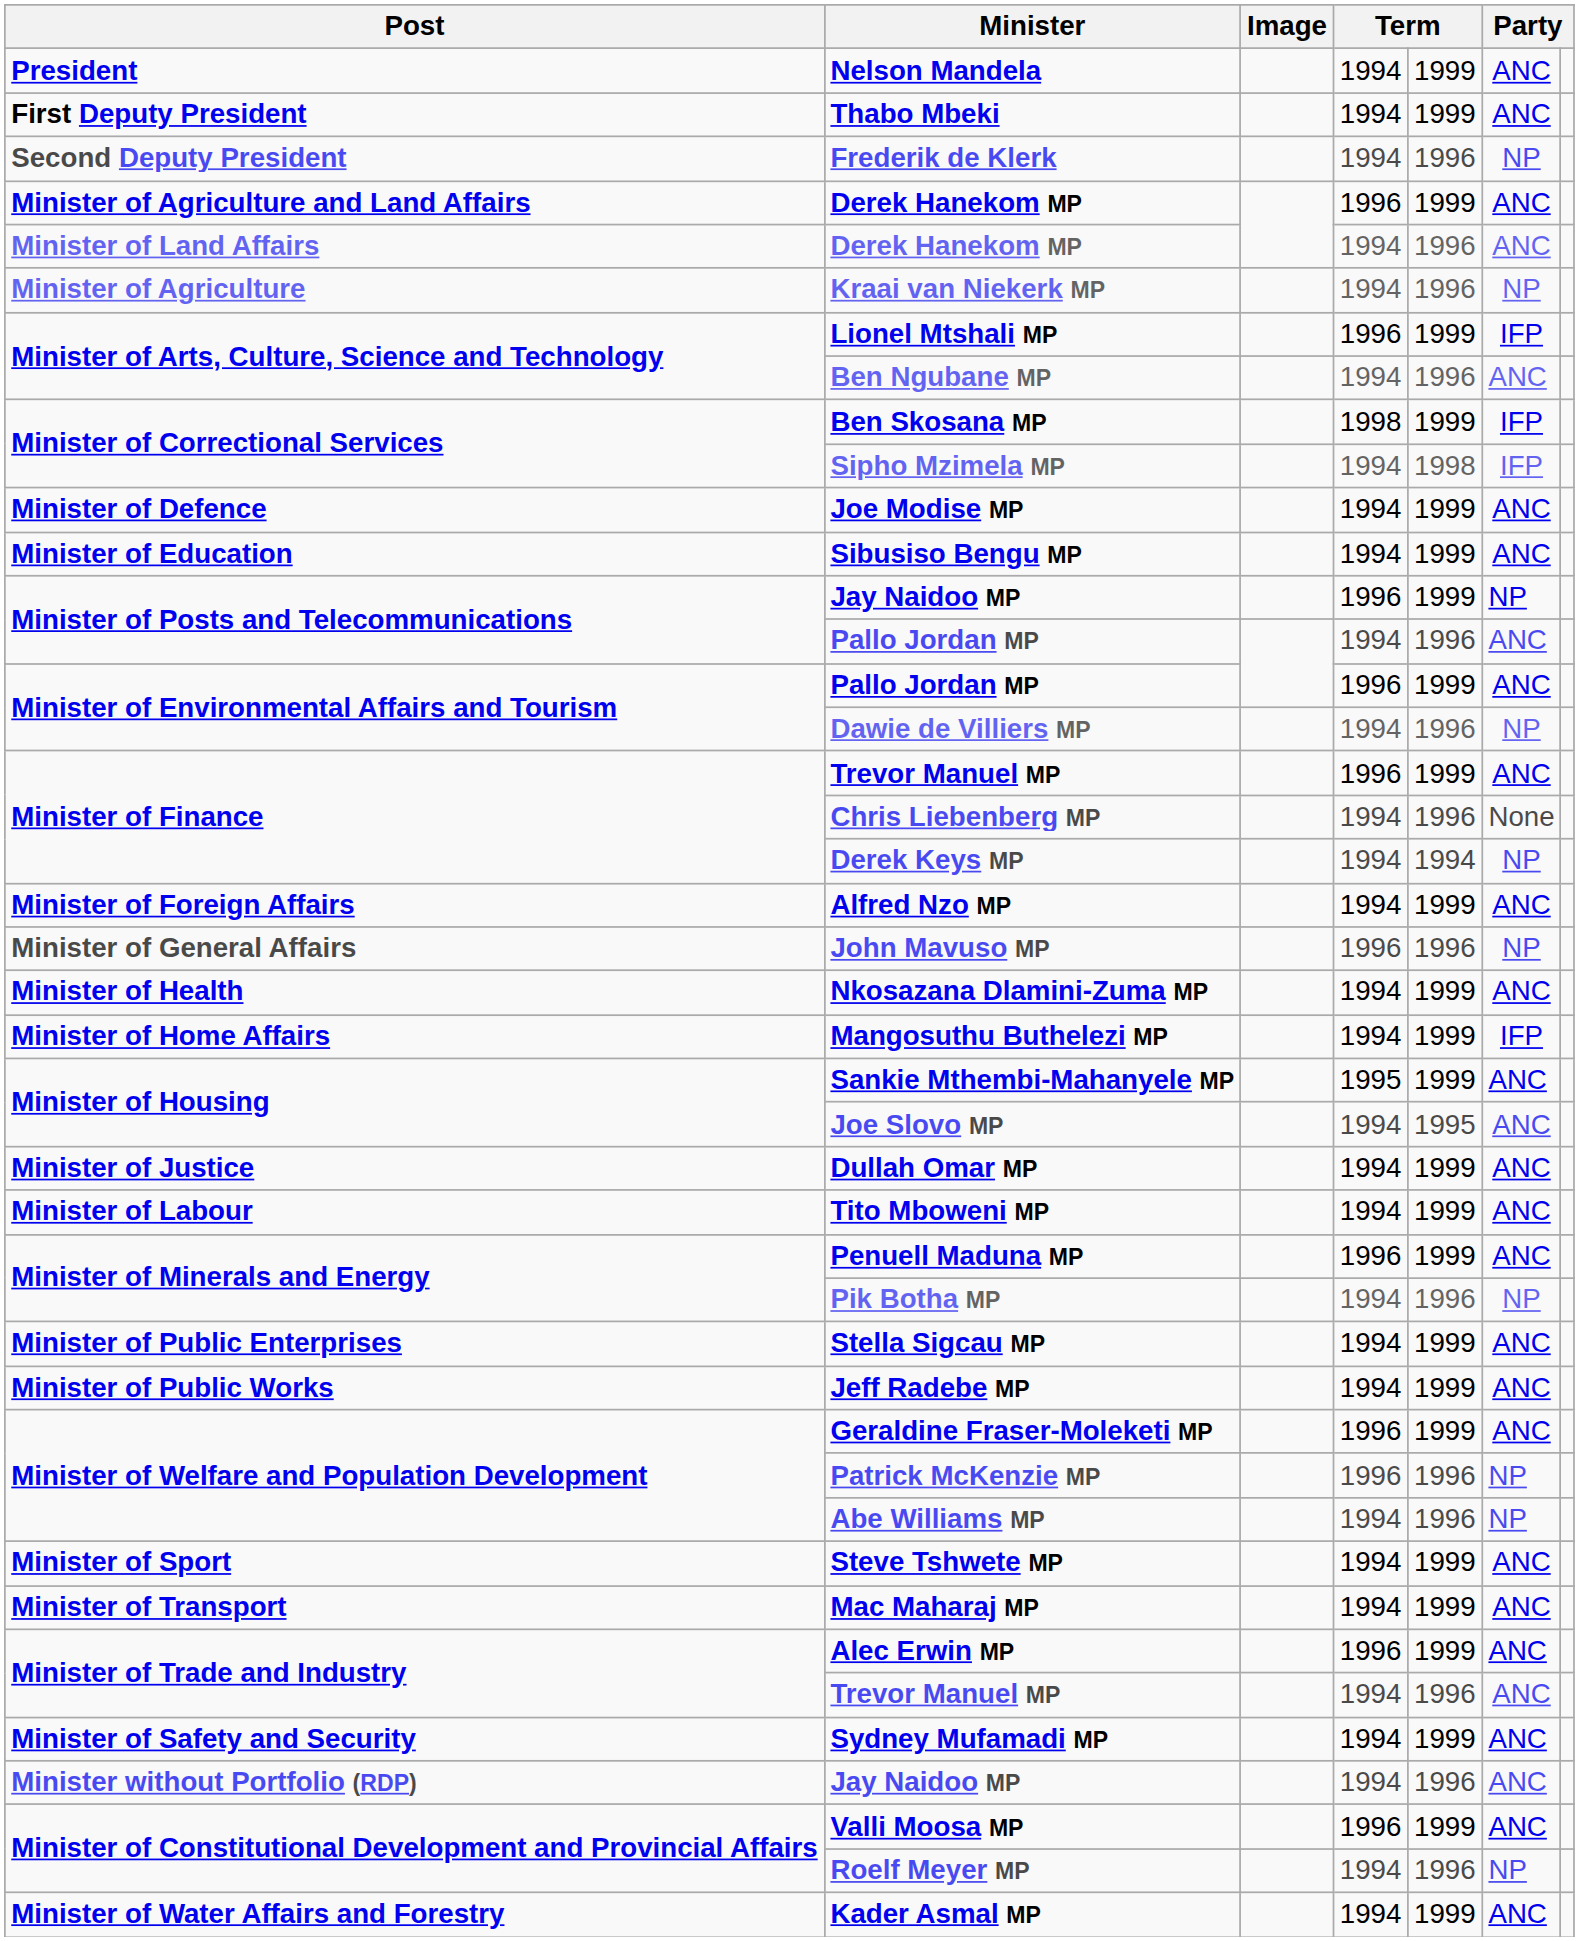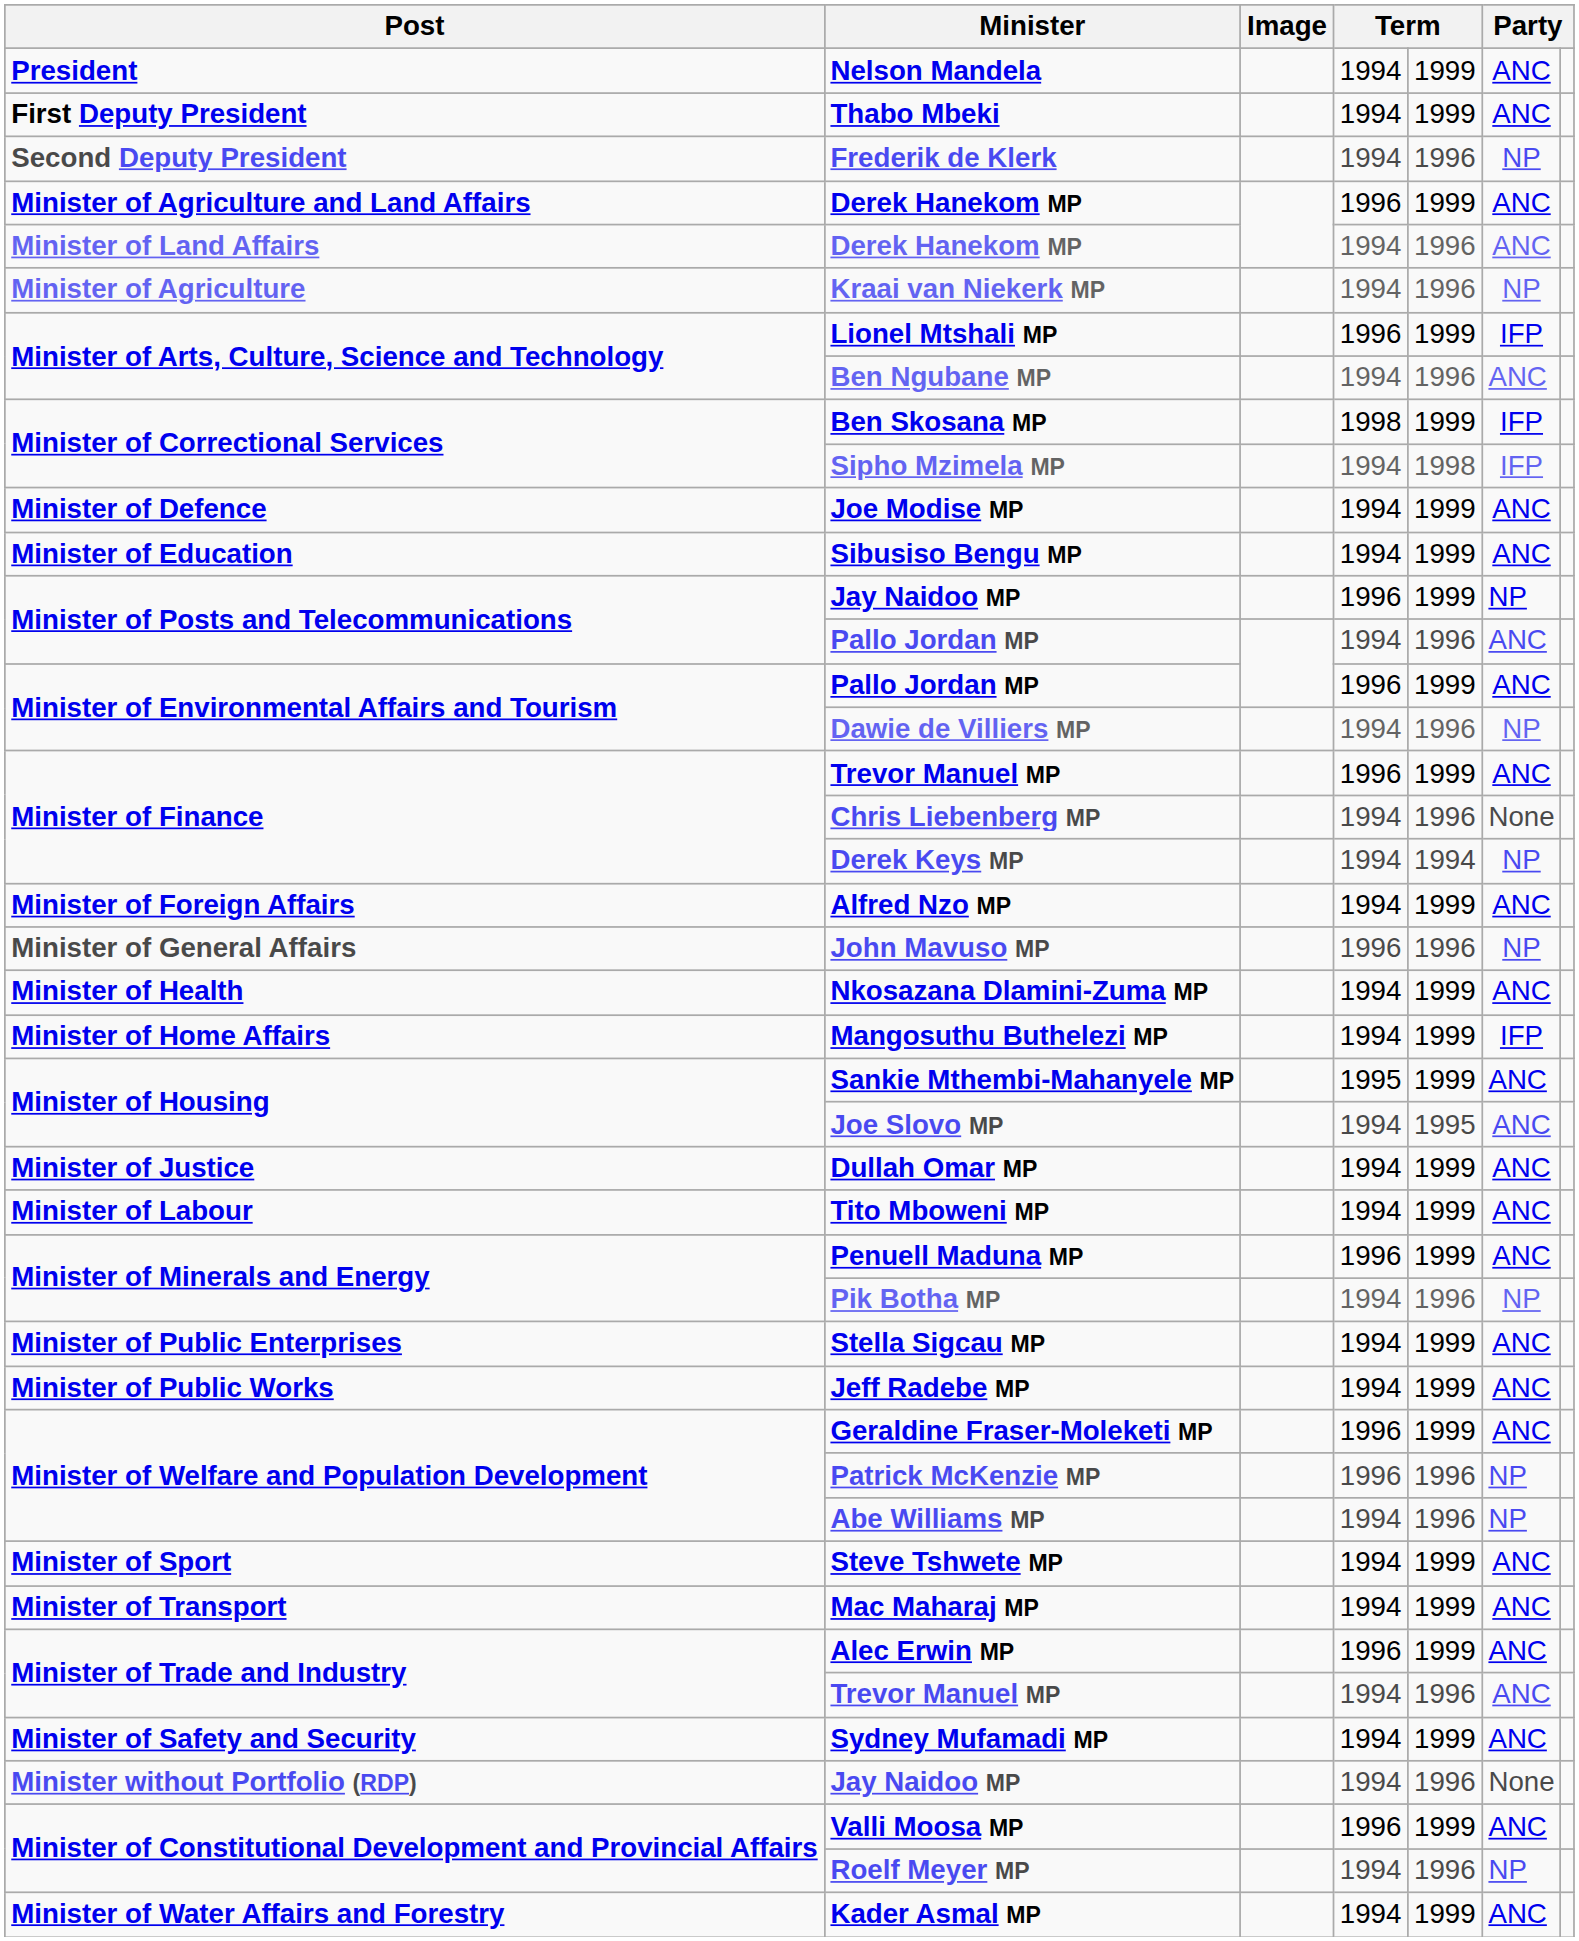 <table class="wikitable">
 <tr>
 <th>Post</th>
 <th>Minister</th>
 <th>Image</th>
 <th colspan=2>Term</th>
 <th colspan="2">Party</th>
 </tr>
 <tr>
 <td><strong><a href='#'>President</a></strong></td>
 <td><strong><a href='#'>Nelson Mandela</a></strong></td>
 <td></td>
 <td>1994</td>
 <td>1999</td>
 <td align="center"><a href='#'>ANC</a></td>
 <td style="background-color: "></td>
 </tr>
 <tr>
 <td><strong>First <a href='#'>Deputy President</a></strong></td>
 <td><strong><a href='#'>Thabo Mbeki</a></strong></td>
 <td></td>
 <td>1994</td>
 <td>1999</td>
 <td align="center"><a href='#'>ANC</a></td>
 <td style="background-color: "></td>
 </tr>
 <tr style="opacity:.7;">
 <td><strong>Second <a href='#'>Deputy President</a></strong></td>
 <td><strong><a href='#'>Frederik de Klerk</a></strong></td>
 <td></td>
 <td>1994</td>
 <td>1996</td>
 <td align="center"><a href='#'>NP</a></td>
 <td style="background-color: "></td>
 </tr>
 <tr>
 <td><strong><a href='#'>Minister of Agriculture and Land Affairs</a></strong></td>
 <td><strong><a href='#'>Derek Hanekom</a> <small>MP</small></strong></td>
 <td rowspan="2"></td>
 <td>1996</td>
 <td>1999</td>
 <td align="center"><a href='#'>ANC</a></td>
 <td style="background-color: "></td>
 </tr>
 <tr style="opacity:.6;">
 <td><strong><a href='#'>Minister of Land Affairs</a></strong></td>
 <td><strong><a href='#'>Derek Hanekom</a> <small>MP</small></strong></td>
 <td>1994</td>
 <td>1996</td>
 <td align="center"><a href='#'>ANC</a></td>
 <td style="background-color: "></td>
 </tr>
 <tr style="opacity:.6;">
 <td><strong><a href='#'>Minister of Agriculture</a></strong></td>
 <td><strong><a href='#'>Kraai van Niekerk</a> <small>MP</small></strong></td>
 <td></td>
 <td>1994</td>
 <td>1996</td>
 <td align="center"><a href='#'>NP</a></td>
 <td style="background-color: "></td>
 </tr>
 <tr>
 <td rowspan="2"><strong><a href='#'>Minister of Arts, Culture, Science and Technology</a></strong></td>
 <td><strong><a href='#'>Lionel Mtshali</a> <small>MP</small></strong></td>
 <td></td>
 <td>1996</td>
 <td>1999</td>
 <td align="center"><a href='#'>IFP</a></td>
 <td style="background-color: "></td>
 </tr>
 <tr style="opacity:.6;">
 <td><strong><a href='#'>Ben Ngubane</a> <small>MP</small></strong></td>
 <td></td>
 <td>1994</td>
 <td>1996</td>
 <td><a href='#'>ANC</a></td>
 <td style="background-color: "></td>
 </tr>
 <tr>
 <td rowspan="2"><strong><a href='#'>Minister of Correctional Services</a></strong></td>
 <td><strong><a href='#'>Ben Skosana</a> <small>MP</small></strong></td>
 <td></td>
 <td>1998</td>
 <td>1999</td>
 <td align="center"><a href='#'>IFP</a></td>
 <td style="background-color: "></td>
 </tr>
 <tr style="opacity:.6;">
 <td><strong><a href='#'>Sipho Mzimela</a> <small>MP</small></strong></td>
 <td></td>
 <td>1994</td>
 <td>1998</td>
 <td align="center"><a href='#'>IFP</a></td>
 <td style="background-color: "></td>
 </tr>
 <tr>
 <td><strong><a href='#'>Minister of Defence</a></strong></td>
 <td><strong><a href='#'>Joe Modise</a> <small>MP</small></strong></td>
 <td></td>
 <td>1994</td>
 <td>1999</td>
 <td align="center"><a href='#'>ANC</a></td>
 <td style="background-color: "></td>
 </tr>
 <tr>
 <td><strong><a href='#'>Minister of Education</a></strong></td>
 <td><strong><a href='#'>Sibusiso Bengu</a> <small>MP</small></strong></td>
 <td></td>
 <td>1994</td>
 <td>1999</td>
 <td align="center"><a href='#'>ANC</a></td>
 <td style="background-color: "></td>
 </tr>
 <tr>
 <td rowspan="2"><strong><a href='#'>Minister of Posts and Telecommunications</a></strong></td>
 <td><strong><a href='#'>Jay Naidoo</a> <small>MP</small></strong></td>
 <td></td>
 <td>1996</td>
 <td>1999</td>
 <td><a href='#'>NP</a></td>
 <td style="background-color: "></td>
 </tr>
 <tr style="opacity:.7;">
 <td><strong><a href='#'>Pallo Jordan</a> <small>MP</small></strong></td>
 <td rowspan="2"></td>
 <td>1994</td>
 <td>1996</td>
 <td><a href='#'>ANC</a></td>
 <td style="background-color: "></td>
 </tr>
 <tr>
 <td rowspan="2"><strong><a href='#'>Minister of Environmental Affairs and Tourism</a></strong></td>
 <td><strong><a href='#'>Pallo Jordan</a> <small>MP</small></strong></td>
 <td>1996</td>
 <td>1999</td>
 <td align="center"><a href='#'>ANC</a></td>
 <td style="background-color: "></td>
 </tr>
 <tr style="opacity:.6;">
 <td><strong><a href='#'>Dawie de Villiers</a> <small>MP</small></strong></td>
 <td></td>
 <td>1994</td>
 <td>1996</td>
 <td align="center"><a href='#'>NP</a></td>
 <td style="background-color: "></td>
 </tr>
 <tr>
 <td rowspan="3"><strong><a href='#'>Minister of Finance</a></strong></td>
 <td><strong><a href='#'>Trevor Manuel</a> <small>MP</small></strong></td>
 <td></td>
 <td>1996</td>
 <td>1999</td>
 <td align="center"><a href='#'>ANC</a></td>
 <td style="background-color: "></td>
 </tr>
 <tr style="opacity:.7;">
 <td><strong><a href='#'>Chris Liebenberg</a> <small>MP</small></strong></td>
 <td></td>
 <td>1994</td>
 <td>1996</td>
 <td align="center">None</td>
 <td></td>
 </tr>
 <tr style="opacity:.7;">
 <td><strong><a href='#'>Derek Keys</a> <small>MP</small></strong></td>
 <td></td>
 <td>1994</td>
 <td>1994</td>
 <td align="center"><a href='#'>NP</a></td>
 <td style="background-color: "></td>
 </tr>
 <tr>
 <td><strong><a href='#'>Minister of Foreign Affairs</a></strong></td>
 <td><strong><a href='#'>Alfred Nzo</a> <small>MP</small></strong></td>
 <td></td>
 <td>1994</td>
 <td>1999</td>
 <td align="center"><a href='#'>ANC</a></td>
 <td style="background-color: "></td>
 </tr>
 <tr style="opacity:.7;">
 <td><strong>Minister of General Affairs</strong></td>
 <td><strong><a href='#'>John Mavuso</a> <small>MP</small></strong></td>
 <td></td>
 <td>1996</td>
 <td>1996</td>
 <td align="center"><a href='#'>NP</a></td>
 <td style="background-color: "></td>
 </tr>
 <tr>
 <td><strong><a href='#'>Minister of Health</a></strong></td>
 <td><strong><a href='#'>Nkosazana Dlamini-Zuma</a> <small>MP</small></strong></td>
 <td></td>
 <td>1994</td>
 <td>1999</td>
 <td align="center"><a href='#'>ANC</a></td>
 <td style="background-color: "></td>
 </tr>
 <tr>
 <td><strong><a href='#'>Minister of Home Affairs</a></strong></td>
 <td><strong><a href='#'>Mangosuthu Buthelezi</a> <small>MP</small></strong></td>
 <td></td>
 <td>1994</td>
 <td>1999</td>
 <td align="center"><a href='#'>IFP</a></td>
 <td style="background-color: "></td>
 </tr>
 <tr>
 <td rowspan="2"><strong><a href='#'>Minister of Housing</a></strong></td>
 <td><strong><a href='#'>Sankie Mthembi-Mahanyele</a></strong> <strong><small>MP</small></strong></td>
 <td></td>
 <td>1995</td>
 <td>1999</td>
 <td><a href='#'>ANC</a></td>
 <td style="background-color: "></td>
 </tr>
 <tr style="opacity:.7;">
 <td><strong><a href='#'>Joe Slovo</a> <small>MP</small></strong></td>
 <td></td>
 <td>1994</td>
 <td>1995</td>
 <td align="center"><a href='#'>ANC</a></td>
 <td style="background-color: "></td>
 </tr>
 <tr>
 <td><strong><a href='#'>Minister of Justice</a></strong></td>
 <td><strong><a href='#'>Dullah Omar</a> <small>MP</small></strong></td>
 <td></td>
 <td>1994</td>
 <td>1999</td>
 <td align="center"><a href='#'>ANC</a></td>
 <td style="background-color: "></td>
 </tr>
 <tr>
 <td><strong><a href='#'>Minister of Labour</a></strong></td>
 <td><strong><a href='#'>Tito Mboweni</a> <small>MP</small></strong></td>
 <td></td>
 <td>1994</td>
 <td>1999</td>
 <td align="center"><a href='#'>ANC</a></td>
 <td style="background-color: "></td>
 </tr>
 <tr>
 <td rowspan="2"><strong><a href='#'>Minister of Minerals and Energy</a></strong></td>
 <td><strong><a href='#'>Penuell Maduna</a> <small>MP</small></strong></td>
 <td></td>
 <td>1996</td>
 <td>1999</td>
 <td align="center"><a href='#'>ANC</a></td>
 <td style="background-color: "></td>
 </tr>
 <tr style="opacity:.6;">
 <td><strong><a href='#'>Pik Botha</a> <small>MP</small></strong></td>
 <td></td>
 <td>1994</td>
 <td>1996</td>
 <td align="center"><a href='#'>NP</a></td>
 <td style="background-color: "></td>
 </tr>
 <tr>
 <td><strong><a href='#'>Minister of Public Enterprises</a></strong></td>
 <td><strong><a href='#'>Stella Sigcau</a> <small>MP</small></strong></td>
 <td></td>
 <td>1994</td>
 <td>1999</td>
 <td align="center"><a href='#'>ANC</a></td>
 <td style="background-color: "></td>
 </tr>
 <tr>
 <td><strong><a href='#'>Minister of Public Works</a></strong></td>
 <td><strong><a href='#'>Jeff Radebe</a> <small>MP</small></strong></td>
 <td></td>
 <td>1994</td>
 <td>1999</td>
 <td align="center"><a href='#'>ANC</a></td>
 <td style="background-color: "></td>
 </tr>
 <tr>
 <td rowspan="3"><strong><a href='#'>Minister of Welfare and Population Development</a></strong></td>
 <td><strong><a href='#'>Geraldine Fraser-Moleketi</a> <small>MP</small></strong></td>
 <td></td>
 <td>1996</td>
 <td>1999</td>
 <td align="center"><a href='#'>ANC</a></td>
 <td style="background-color: "></td>
 </tr>
 <tr style="opacity:.7;">
 <td><strong><a href='#'>Patrick McKenzie</a> <small>MP</small></strong></td>
 <td></td>
 <td>1996</td>
 <td>1996</td>
 <td><a href='#'>NP</a></td>
 <td style="background-color: "></td>
 </tr>
 <tr style="opacity:.7;">
 <td><strong><a href='#'>Abe Williams</a></strong> <strong><small>MP</small></strong></td>
 <td></td>
 <td>1994</td>
 <td>1996</td>
 <td><a href='#'>NP</a></td>
 <td style="background-color: "></td>
 </tr>
 <tr>
 <td><strong><a href='#'>Minister of Sport</a></strong></td>
 <td><strong><a href='#'>Steve Tshwete</a> <small>MP</small></strong></td>
 <td></td>
 <td>1994</td>
 <td>1999</td>
 <td align="center"><a href='#'>ANC</a></td>
 <td style="background-color: "></td>
 </tr>
 <tr>
 <td><strong><a href='#'>Minister of Transport</a></strong></td>
 <td><strong><a href='#'>Mac Maharaj</a> <small>MP</small></strong></td>
 <td></td>
 <td>1994</td>
 <td>1999</td>
 <td align="center"><a href='#'>ANC</a></td>
 <td style="background-color: "></td>
 </tr>
 <tr>
 <td rowspan="2"><strong><a href='#'>Minister of Trade and Industry</a></strong></td>
 <td><strong><a href='#'>Alec Erwin</a> <small>MP</small></strong></td>
 <td></td>
 <td>1996</td>
 <td>1999</td>
 <td><a href='#'>ANC</a></td>
 <td style="background-color: "></td>
 </tr>
 <tr style="opacity:.7;">
 <td><strong><a href='#'>Trevor Manuel</a> <small>MP</small></strong></td>
 <td></td>
 <td>1994</td>
 <td>1996</td>
 <td align="center"><a href='#'>ANC</a></td>
 <td style="background-color: "></td>
 </tr>
 <tr>
 <td><strong><a href='#'>Minister of Safety and Security</a></strong></td>
 <td><strong><a href='#'>Sydney Mufamadi</a> <small>MP</small></strong></td>
 <td></td>
 <td>1994</td>
 <td>1999</td>
 <td><a href='#'>ANC</a></td>
 <td style="background-color: "></td>
 </tr>
 <tr style="opacity:.7;">
 <td><strong><a href='#'>Minister without Portfolio</a> <small>(<a href='#'>RDP</a>)</small></strong></td>
 <td><strong><a href='#'>Jay Naidoo</a> <small>MP</small></strong></td>
 <td></td>
 <td>1994</td>
 <td>1996</td>
-<td><a href='#'>ANC</a></td>
+<td align="center">None</td>
 <td style="background-color: "></td>
 </tr>
 <tr>
 <td rowspan="2"><strong><a href='#'>Minister of Constitutional Development and Provincial Affairs</a></strong></td>
 <td><strong><a href='#'>Valli Moosa</a> <small>MP</small></strong></td>
 <td></td>
 <td>1996</td>
 <td>1999</td>
 <td><a href='#'>ANC</a></td>
 <td style="background-color: "></td>
 </tr>
 <tr style="opacity:.7;">
 <td><strong><a href='#'>Roelf Meyer</a> <small>MP</small></strong></td>
 <td></td>
 <td>1994</td>
 <td>1996</td>
 <td><a href='#'>NP</a></td>
 <td style="background-color: "></td>
 </tr>
 <tr>
 <td><strong><a href='#'>Minister of Water Affairs and Forestry</a></strong></td>
 <td><strong><a href='#'>Kader Asmal</a> <small>MP</small></strong></td>
 <td></td>
 <td>1994</td>
 <td>1999</td>
 <td><a href='#'>ANC</a></td>
 <td style="background-color: "></td>
 </tr>
 </table>
